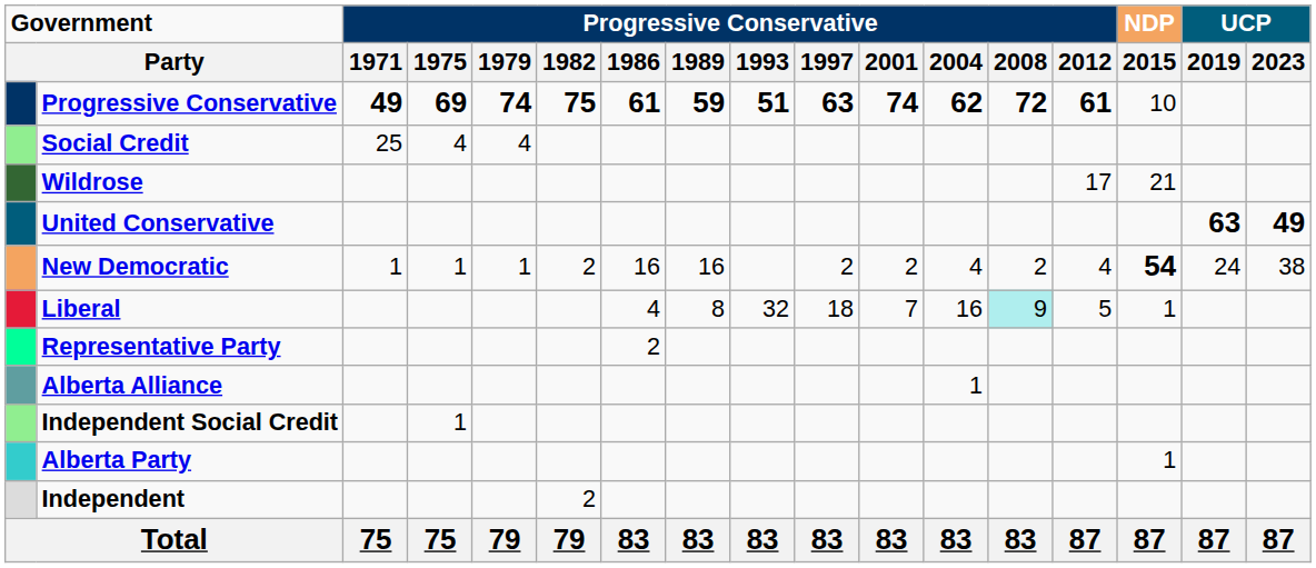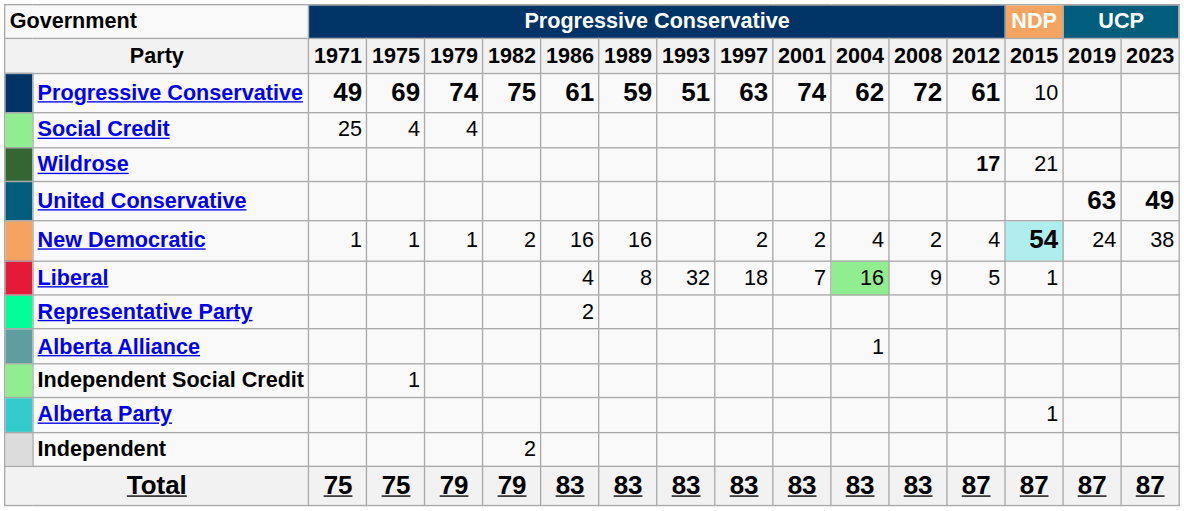 <table class="wikitable">
 <tr>
 <td colspan = "2"><strong>Government</strong></td>
 <td style="background: #003366; color: white" align="center" colspan=12><strong>Progressive Conservative</strong></td>
 <td style="background: #F4A460; color: white" align="center"><strong>NDP</strong></td>
 <td style="background: #005d7c; color: white" align="center" colspan=2><strong>UCP</strong></td>
 </tr>
 <tr>
 <th colspan = "2">Party</th>
 <th>1971</th>
 <th>1975</th>
 <th>1979</th>
 <th>1982</th>
 <th>1986</th>
 <th>1989</th>
 <th>1993</th>
 <th>1997</th>
 <th>2001</th>
 <th>2004</th>
 <th>2008</th>
 <th>2012</th>
 <th>2015</th>
 <th>2019</th>
 <th>2023</th>
 </tr>
 <tr align = "right">
 <td bgcolor="#003366">   </td>
 <td align="left"><strong><a href='#'>Progressive Conservative</a></strong></td>
 <td><strong><big>49</big></strong></td>
 <td><strong><big>69</big></strong></td>
 <td><strong><big>74</big></strong></td>
 <td><strong><big>75</big></strong></td>
 <td><strong><big>61</big></strong></td>
 <td><strong><big>59</big></strong></td>
 <td><strong><big>51</big></strong></td>
 <td><strong><big>63</big></strong></td>
 <td><strong><big>74</big></strong></td>
 <td><strong><big>62</big></strong></td>
 <td><strong><big>72</big></strong></td>
 <td><strong><big>61</big></strong></td>
 <td>10</td>
 <td></td>
 <td></td>
 </tr>
 <tr align = "right">
 <td bgcolor="#90EE90">   </td>
 <td align="left"><strong><a href='#'>Social Credit</a></strong></td>
 <td>25</td>
 <td>4</td>
 <td>4</td>
 <td></td>
 <td></td>
 <td></td>
 <td></td>
 <td></td>
 <td></td>
 <td></td>
 <td></td>
 <td></td>
 <td></td>
 <td></td>
 <td></td>
 </tr>
 <tr align = "right">
 <td bgcolor="#336633">   </td>
 <td align="left"><strong><a href='#'>Wildrose</a></strong></td>
 <td></td>
 <td></td>
 <td></td>
 <td></td>
 <td></td>
 <td></td>
 <td></td>
 <td></td>
 <td></td>
 <td></td>
 <td></td>
-<td>17</td>
+<td><strong>17</strong></td>
 <td>21</td>
 <td></td>
 <td></td>
 </tr>
 <tr align = "right">
 <td bgcolor="#005d7c">   </td>
 <td align="left"><strong><a href='#'>United Conservative</a></strong></td>
 <td></td>
 <td></td>
 <td></td>
 <td></td>
 <td></td>
 <td></td>
 <td></td>
 <td></td>
 <td></td>
 <td></td>
 <td></td>
 <td></td>
 <td></td>
 <td><strong><big>63</big></strong></td>
 <td><strong><big>49</big></strong></td>
 </tr>
 <tr align="right">
 <td bgcolor="#F4A460">   </td>
 <td align="left"><strong><a href='#'>New Democratic</a></strong></td>
 <td>1</td>
 <td>1</td>
 <td>1</td>
 <td>2</td>
 <td>16</td>
 <td>16</td>
 <td></td>
 <td>2</td>
 <td>2</td>
 <td>4</td>
 <td>2</td>
 <td>4</td>
-<td><strong><big>54</big></strong></td>
+<td style="background: paleturquoise;"><strong><big>54</big></strong></td>
 <td>24</td>
 <td>38</td>
 </tr>
 <tr align="right">
 <td bgcolor="#E51A38">   </td>
 <td align="left"><strong><a href='#'>Liberal</a></strong></td>
 <td></td>
 <td></td>
 <td></td>
 <td></td>
 <td>4</td>
 <td>8</td>
 <td>32</td>
 <td>18</td>
 <td>7</td>
-<td>16</td>
-<td style="background: paleturquoise;">9</td>
+<td style="background: lightgreen;">16</td>
+<td>9</td>
 <td>5</td>
 <td>1</td>
 <td></td>
 <td></td>
 </tr>
 <tr align="right">
 <td bgcolor="#00FF99">   </td>
 <td align="left"><strong><a href='#'>Representative Party</a></strong></td>
 <td></td>
 <td></td>
 <td></td>
 <td></td>
 <td>2</td>
 <td></td>
 <td></td>
 <td></td>
 <td></td>
 <td></td>
 <td></td>
 <td></td>
 <td></td>
 <td></td>
 <td></td>
 </tr>
 <tr align="right">
 <td bgcolor="#5F9EA0">   </td>
 <td align="left"><strong><a href='#'>Alberta Alliance</a></strong></td>
 <td></td>
 <td></td>
 <td></td>
 <td></td>
 <td></td>
 <td></td>
 <td></td>
 <td></td>
 <td></td>
 <td>1</td>
 <td></td>
 <td></td>
 <td></td>
 <td></td>
 <td></td>
 </tr>
 <tr align="right">
 <td bgcolor="#90EE90">   </td>
 <td align="left"><strong>Independent Social Credit</strong></td>
 <td></td>
 <td>1</td>
 <td></td>
 <td></td>
 <td></td>
 <td></td>
 <td></td>
 <td></td>
 <td></td>
 <td></td>
 <td></td>
 <td></td>
 <td></td>
 <td></td>
 <td></td>
 </tr>
 <tr align="right">
 <td bgcolor="#33CCCC">   </td>
 <td align="left"><strong><a href='#'>Alberta Party</a></strong></td>
 <td></td>
 <td></td>
 <td></td>
 <td></td>
 <td></td>
 <td></td>
 <td></td>
 <td></td>
 <td></td>
 <td></td>
 <td></td>
 <td></td>
 <td>1</td>
 <td></td>
 <td></td>
 </tr>
 <tr align="right">
 <td bgcolor="#DCDCDC">   </td>
 <td align="left"><strong>Independent</strong></td>
 <td></td>
 <td></td>
 <td></td>
 <td>2</td>
 <td></td>
 <td></td>
 <td></td>
 <td></td>
 <td></td>
 <td></td>
 <td></td>
 <td></td>
 <td></td>
 <td></td>
 <td></td>
 </tr>
 <tr align="right">
 <th colspan="2" align="left"><strong><big><u>Total</u></big></strong></th>
 <th><strong><big><u>75</u></big></strong></th>
 <th><strong><big><u>75</u></big></strong></th>
 <th><strong><big><u>79</u></big></strong></th>
 <th><strong><big><u>79</u></big></strong></th>
 <th><strong><big><u>83</u></big></strong></th>
 <th><strong><big><u>83</u></big></strong></th>
 <th><strong><big><u>83</u></big></strong></th>
 <th><strong><big><u>83</u></big></strong></th>
 <th><strong><big><u>83</u></big></strong></th>
 <th><strong><big><u>83</u></big></strong></th>
 <th><strong><big><u>83</u></big></strong></th>
 <th><strong><big><u>87</u></big></strong></th>
 <th><strong><big><u>87</u></big></strong></th>
 <th><strong><big><u>87</u></big></strong></th>
 <th><strong><big><u>87</u></big></strong></th>
 </tr>
 </table>
